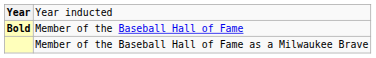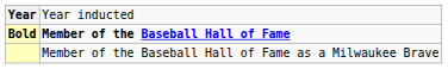 <table class="wikitable">
 <tr>
 <th scope="row">Year</th>
 <td>Year inducted</td>
 </tr>
 <tr>
 <th scope="row" style="background:#ffb;"><strong>Bold</strong></th>
-<td>Member of the <a href='#'>Baseball Hall of Fame</a></td>
+<td><strong>Member of the <a href='#'>Baseball Hall of Fame</a></strong></td>
 </tr>
 <tr>
 <th scope="row" style="background:#ffb;"></th>
 <td>Member of the Baseball Hall of Fame as a Milwaukee Brave</td>
 </tr>
 </table>
